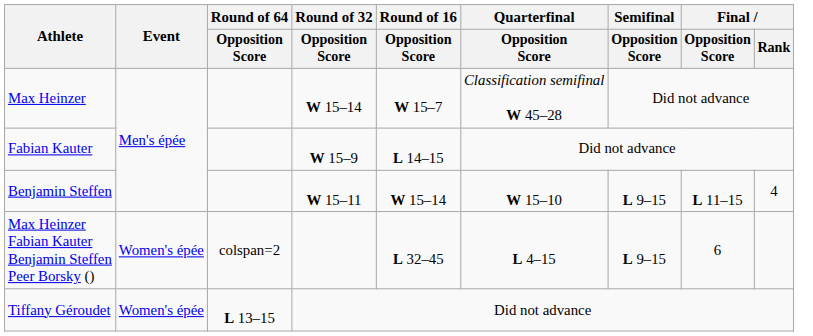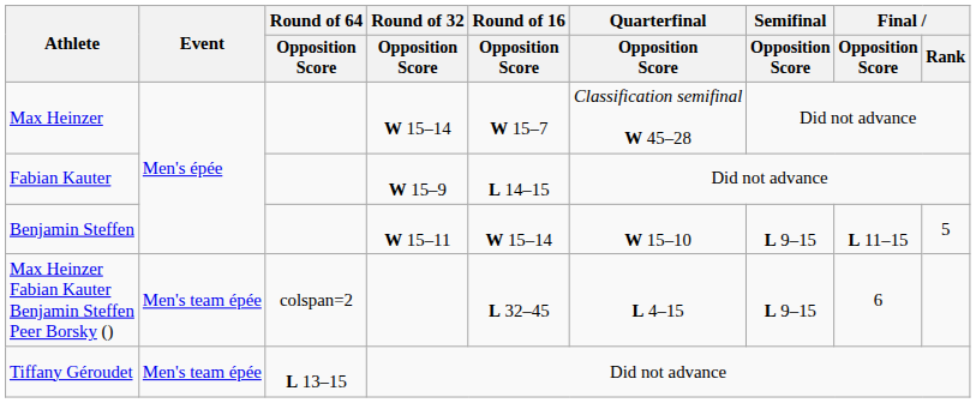 <table class="wikitable" style="font-size:90%">
 <tr>
 <th rowspan=2>Athlete</th>
 <th rowspan=2>Event</th>
 <th>Round of 64</th>
 <th>Round of 32</th>
 <th>Round of 16</th>
 <th>Quarterfinal</th>
 <th>Semifinal</th>
 <th colspan=2>Final / </th>
 </tr>
 <tr style="font-size:95%">
 <th>Opposition<br>Score</th>
 <th>Opposition<br>Score</th>
 <th>Opposition<br>Score</th>
 <th>Opposition<br>Score</th>
 <th>Opposition<br>Score</th>
 <th>Opposition<br>Score</th>
 <th>Rank</th>
 </tr>
 <tr align=center>
 <td align=left><a href='#'>Max Heinzer</a></td>
 <td align=left rowspan=3><a href='#'>Men's épée</a></td>
 <td></td>
 <td><br><strong>W</strong> 15–14</td>
 <td><br><strong>W</strong> 15–7</td>
 <td><em>Classification semifinal</em><br><br><strong>W</strong> 45–28</td>
 <td colspan=3>Did not advance</td>
 </tr>
 <tr align=center>
 <td align=left><a href='#'>Fabian Kauter</a></td>
 <td></td>
 <td><br><strong>W</strong> 15–9</td>
 <td><br><strong>L</strong> 14–15</td>
 <td colspan=4>Did not advance</td>
 </tr>
 <tr align=center>
 <td align=left><a href='#'>Benjamin Steffen</a></td>
 <td></td>
 <td><br><strong>W</strong> 15–11</td>
 <td><br><strong>W</strong> 15–14</td>
 <td><br><strong>W</strong> 15–10</td>
 <td><br><strong>L</strong> 9–15</td>
 <td><br><strong>L</strong> 11–15</td>
-<td>4</td>
+<td>5</td>
 </tr>
 <tr align=center>
 <td align=left><a href='#'>Max Heinzer</a><br><a href='#'>Fabian Kauter</a><br><a href='#'>Benjamin Steffen</a><br><a href='#'>Peer Borsky</a> ()</td>
-<td align=left><a href='#'>Women's épée</a></td>
+<td align=left><a href='#'>Men's team épée</a></td>
 <td>colspan=2 </td>
 <td></td>
 <td><br><strong>L</strong> 32–45</td>
 <td><br><strong>L</strong> 4–15</td>
 <td><br><strong>L</strong> 9–15</td>
 <td>6</td>
 </tr>
 <tr align=center>
 <td align=left><a href='#'>Tiffany Géroudet</a></td>
-<td align=left><a href='#'>Women's épée</a></td>
+<td align=left><a href='#'>Men's team épée</a></td>
 <td><br><strong>L</strong> 13–15</td>
 <td colspan=6>Did not advance</td>
 </tr>
 </table>
